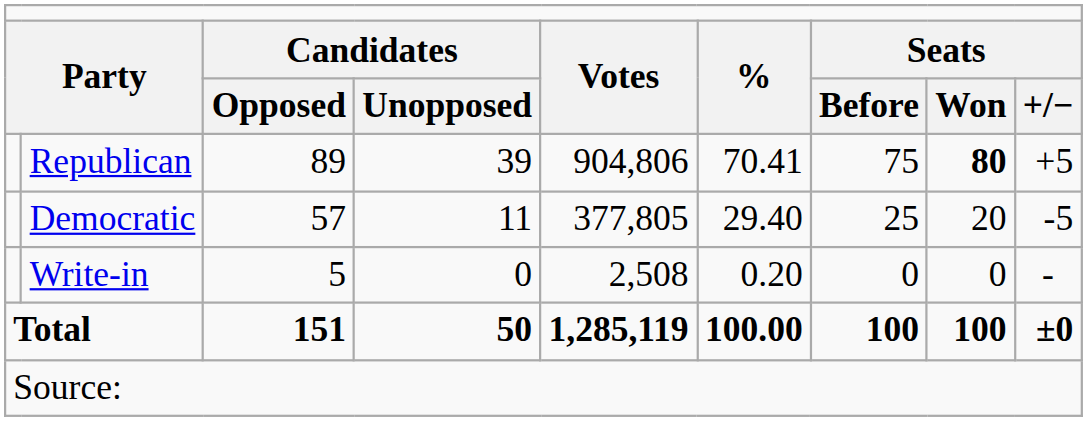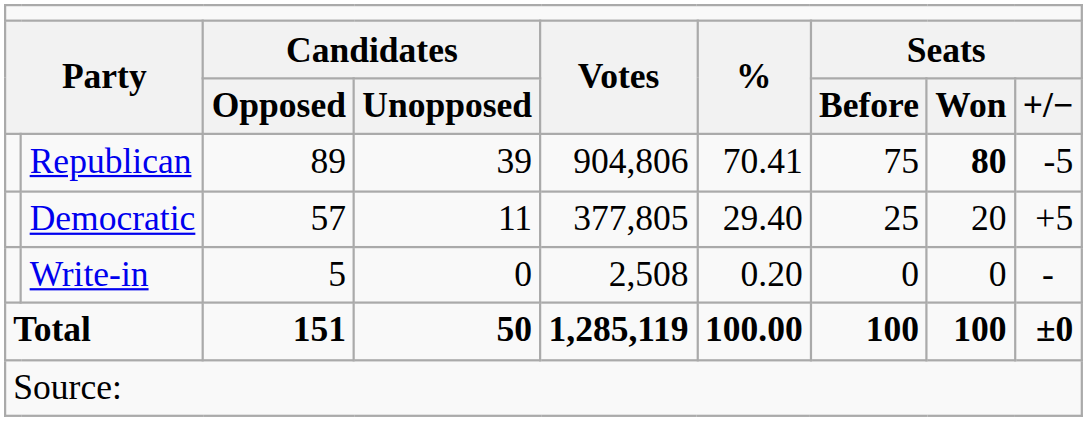 <table class="wikitable">
 <tr>
 <td colspan="9" style="text-align:center;"></td>
 </tr>
 <tr>
 <th colspan="2" rowspan="2">Party</th>
 <th colspan="2">Candidates</th>
 <th rowspan="2">Votes</th>
 <th rowspan="2">%</th>
 <th colspan="3">Seats</th>
 </tr>
 <tr>
 <th>Opposed</th>
 <th>Unopposed</th>
 <th>Before</th>
 <th>Won</th>
 <th>+/−</th>
 </tr>
 <tr>
 <td style="background-color:"></td>
 <td><a href='#'>Republican</a></td>
 <td style="text-align:right;">89</td>
 <td style="text-align:right;">39</td>
 <td style="text-align:right;">904,806</td>
 <td style="text-align:right;">70.41</td>
 <td style="text-align:right;">75</td>
 <td style="text-align:right;"><strong>80</strong></td>
-<td style="text-align:right;">+5</td>
+<td style="text-align:right;">-5</td>
 </tr>
 <tr>
 <td style="background-color:"></td>
 <td><a href='#'>Democratic</a></td>
 <td style="text-align:right;">57</td>
 <td style="text-align:right;">11</td>
 <td style="text-align:right;">377,805</td>
 <td style="text-align:right;">29.40</td>
 <td style="text-align:right;">25</td>
 <td style="text-align:right;">20</td>
-<td style="text-align:right;">-5</td>
+<td style="text-align:right;">+5</td>
 </tr>
 <tr>
 <td style="background-color:"></td>
 <td><a href='#'>Write-in</a></td>
 <td style="text-align:right;">5</td>
 <td style="text-align:right;">0</td>
 <td style="text-align:right;">2,508</td>
 <td style="text-align:right;">0.20</td>
 <td style="text-align:right;">0</td>
 <td style="text-align:right;">0</td>
 <td style="text-align:center;">-</td>
 </tr>
 <tr>
 <td colspan="2"><strong>Total</strong></td>
 <td style="text-align:right;"><strong>151</strong></td>
 <td style="text-align:right;"><strong>50</strong></td>
 <td style="text-align:right;"><strong>1,285,119</strong></td>
 <td style="text-align:right;"><strong>100.00</strong></td>
 <td style="text-align:right;"><strong>100</strong></td>
 <td style="text-align:right;"><strong>100</strong></td>
 <td style="text-align:right;"><strong>±0</strong></td>
 </tr>
 <tr>
 <td colspan="9">Source: <em></em></td>
 </tr>
 </table>
